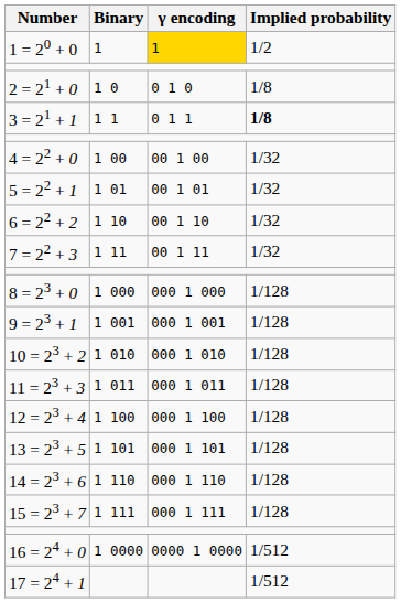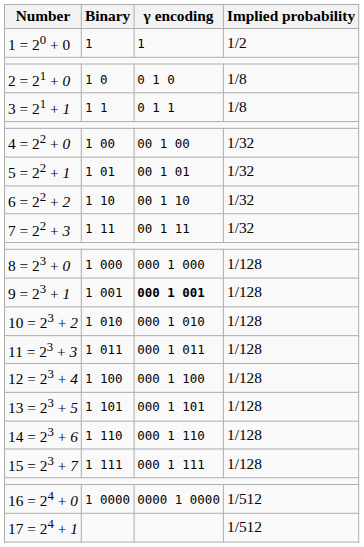 <table class=wikitable>
 <tr>
 <th>Number</th>
 <th>Binary</th>
 <th>γ encoding</th>
 <th>Implied probability</th>
 </tr>
 <tr>
 <td>1 = 2<sup>0</sup> + 0</td>
 <td><code>1</code></td>
-<td style="background: gold;"><code>1</code></td>
+<td><code>1</code></td>
 <td>1/2</td>
 </tr>
 <tr>
 <td colspan=4></td>
 </tr>
 <tr>
 <td>2 = 2<sup>1</sup> + <em>0</em></td>
 <td><code>1 0</code></td>
 <td><code>0 1 0</code></td>
 <td>1/8</td>
 </tr>
 <tr>
 <td>3 = 2<sup>1</sup> + <em>1</em></td>
 <td><code>1 1</code></td>
 <td><code>0 1 1</code></td>
-<td><strong>1/8</strong></td>
+<td>1/8</td>
 </tr>
 <tr>
 <td colspan=4></td>
 </tr>
 <tr>
 <td>4 = 2<sup>2</sup> + <em>0</em></td>
 <td><code>1 00</code></td>
 <td><code>00 1 00</code></td>
 <td>1/32</td>
 </tr>
 <tr>
 <td>5 = 2<sup>2</sup> + <em>1</em></td>
 <td><code>1 01</code></td>
 <td><code>00 1 01</code></td>
 <td>1/32</td>
 </tr>
 <tr>
 <td>6 = 2<sup>2</sup> + <em>2</em></td>
 <td><code>1 10</code></td>
 <td><code>00 1 10</code></td>
 <td>1/32</td>
 </tr>
 <tr>
 <td>7 = 2<sup>2</sup> + <em>3</em></td>
 <td><code>1 11</code></td>
 <td><code>00 1 11</code></td>
 <td>1/32</td>
 </tr>
 <tr>
 <td colspan=4></td>
 </tr>
 <tr>
 <td>8 = 2<sup>3</sup> + <em>0</em></td>
 <td><code>1 000</code></td>
 <td><code>000 1 000</code></td>
 <td>1/128</td>
 </tr>
 <tr>
 <td>9 = 2<sup>3</sup> + <em>1</em></td>
 <td><code>1 001</code></td>
-<td><code>000 1 001</code></td>
+<td><strong><code>000 1 001</code></strong></td>
 <td>1/128</td>
 </tr>
 <tr>
 <td>10 = 2<sup>3</sup> + <em>2</em></td>
 <td><code>1 010</code></td>
 <td><code>000 1 010</code></td>
 <td>1/128</td>
 </tr>
 <tr>
 <td>11 = 2<sup>3</sup> + <em>3</em></td>
 <td><code>1 011</code></td>
 <td><code>000 1 011</code></td>
 <td>1/128</td>
 </tr>
 <tr>
 <td>12 = 2<sup>3</sup> + <em>4</em></td>
 <td><code>1 100</code></td>
 <td><code>000 1 100</code></td>
 <td>1/128</td>
 </tr>
 <tr>
 <td>13 = 2<sup>3</sup> + <em>5</em></td>
 <td><code>1 101</code></td>
 <td><code>000 1 101</code></td>
 <td>1/128</td>
 </tr>
 <tr>
 <td>14 = 2<sup>3</sup> + <em>6</em></td>
 <td><code>1 110</code></td>
 <td><code>000 1 110</code></td>
 <td>1/128</td>
 </tr>
 <tr>
 <td>15 = 2<sup>3</sup> + <em>7</em></td>
 <td><code>1 111</code></td>
 <td><code>000 1 111</code></td>
 <td>1/128</td>
 </tr>
 <tr>
 <td colspan=4></td>
 </tr>
 <tr>
 <td>16 = 2<sup>4</sup> + <em>0</em></td>
 <td><code>1 0000</code></td>
 <td><code>0000 1 0000</code></td>
 <td>1/512</td>
 </tr>
 <tr>
 <td>17 = 2<sup>4</sup> + <em>1</em></td>
 <td></td>
 <td></td>
 <td>1/512</td>
 </tr>
 </table>
